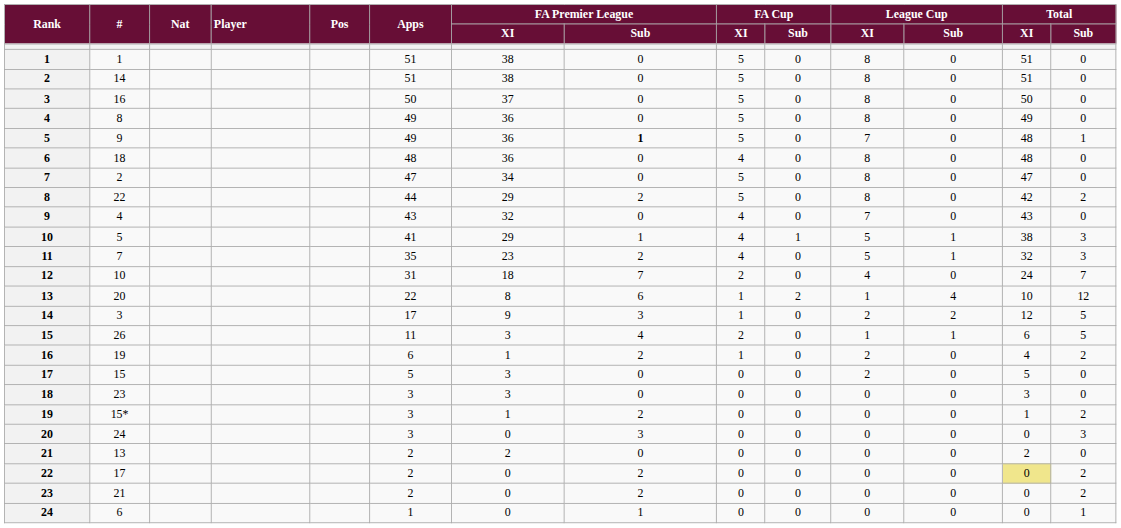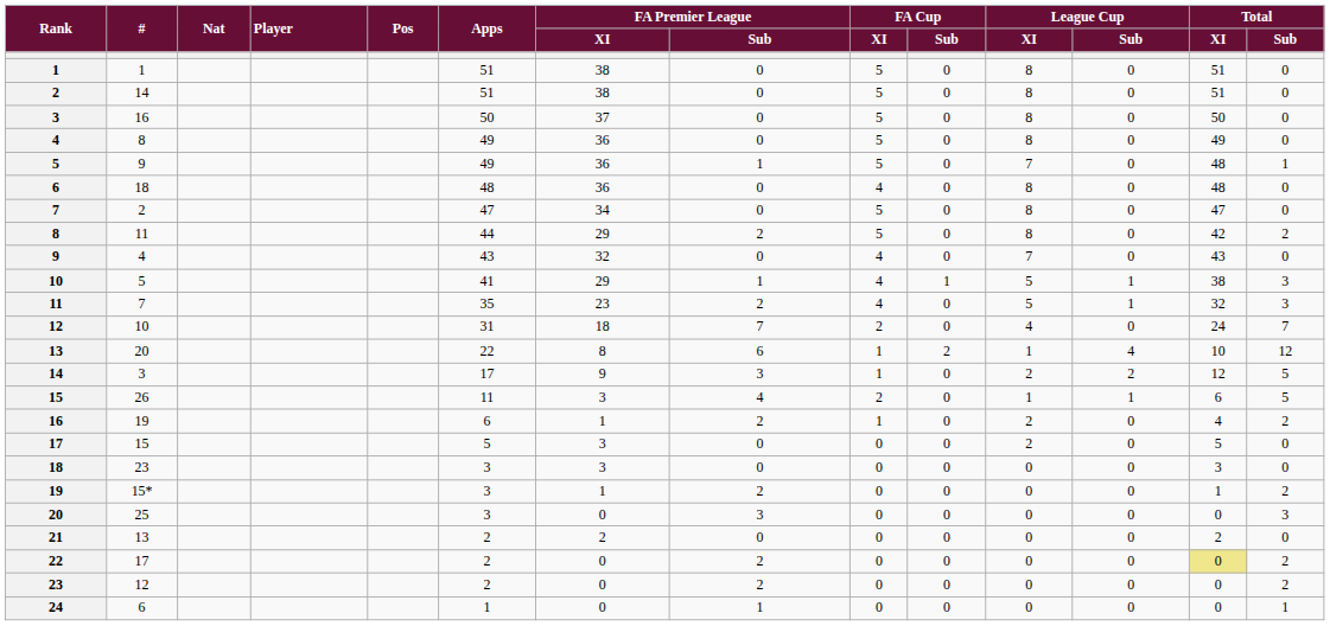 <table class="wikitable sortable" style="text-align:center; font-size:84.5%; width:100%;">
 <tr>
 <th rowspan="2"; style="background:#670E36; color:#FFFFFF; text-align:center;">Rank</th>
 <th rowspan="2"; style="background:#670E36; color:#FFFFFF; text-align:center;">#</th>
 <th rowspan="2"; style="background:#670E36; color:#FFFFFF; text-align:center;">Nat</th>
 <th rowspan="2"; style="background:#670E36; color:#FFFFFF; text-align:left;">Player</th>
 <th rowspan="2"; style="background:#670E36; color:#FFFFFF; text-align:center;">Pos</th>
 <th rowspan="2"; style="background:#670E36; color:#FFFFFF; text-align:center;">Apps</th>
 <th colspan="2"; style="background:#670E36; color:#FFFFFF; text-align:center;">FA Premier League</th>
 <th colspan="2"; style="background:#670E36; color:#FFFFFF; text-align:center;">FA Cup</th>
 <th colspan="2"; style="background:#670E36; color:#FFFFFF; text-align:center;">League Cup</th>
 <th colspan="2"; style="background:#670E36; color:#FFFFFF; text-align:center;">Total</th>
 </tr>
 <tr>
 <th style="background:#670E36; color:#FFFFFF; text-align:center;">XI</th>
 <th style="background:#670E36; color:#FFFFFF; text-align:center;">Sub</th>
 <th style="background:#670E36; color:#FFFFFF; text-align:center;">XI</th>
 <th style="background:#670E36; color:#FFFFFF; text-align:center;">Sub</th>
 <th style="background:#670E36; color:#FFFFFF; text-align:center;">XI</th>
 <th style="background:#670E36; color:#FFFFFF; text-align:center;">Sub</th>
 <th style="background:#670E36; color:#FFFFFF; text-align:center;">XI</th>
 <th style="background:#670E36; color:#FFFFFF; text-align:center;">Sub</th>
 </tr>
 <tr>
 <th></th>
 <th></th>
 <th></th>
 <th></th>
 <th></th>
 <th></th>
 <th></th>
 <th></th>
 <th></th>
 <th></th>
 <th></th>
 <th></th>
 <th></th>
 <th></th>
 </tr>
 <tr>
 <th>1</th>
 <td>1</td>
 <td></td>
 <td style="text-align:left;"></td>
 <td></td>
 <td>51</td>
 <td>38</td>
 <td>0</td>
 <td>5</td>
 <td>0</td>
 <td>8</td>
 <td>0</td>
 <td>51</td>
 <td>0</td>
 </tr>
 <tr>
 <th>2</th>
 <td>14</td>
 <td></td>
 <td style="text-align:left;"></td>
 <td></td>
 <td>51</td>
 <td>38</td>
 <td>0</td>
 <td>5</td>
 <td>0</td>
 <td>8</td>
 <td>0</td>
 <td>51</td>
 <td>0</td>
 </tr>
 <tr>
 <th>3</th>
 <td>16</td>
 <td></td>
 <td style="text-align:left;"></td>
 <td></td>
 <td>50</td>
 <td>37</td>
 <td>0</td>
 <td>5</td>
 <td>0</td>
 <td>8</td>
 <td>0</td>
 <td>50</td>
 <td>0</td>
 </tr>
 <tr>
 <th>4</th>
 <td>8</td>
 <td></td>
 <td style="text-align:left;"></td>
 <td></td>
 <td>49</td>
 <td>36</td>
 <td>0</td>
 <td>5</td>
 <td>0</td>
 <td>8</td>
 <td>0</td>
 <td>49</td>
 <td>0</td>
 </tr>
 <tr>
 <th>5</th>
 <td>9</td>
 <td></td>
 <td style="text-align:left;"></td>
 <td></td>
 <td>49</td>
 <td>36</td>
-<td><strong>1</strong></td>
+<td>1</td>
 <td>5</td>
 <td>0</td>
 <td>7</td>
 <td>0</td>
 <td>48</td>
 <td>1</td>
 </tr>
 <tr>
 <th>6</th>
 <td>18</td>
 <td></td>
 <td style="text-align:left;"></td>
 <td></td>
 <td>48</td>
 <td>36</td>
 <td>0</td>
 <td>4</td>
 <td>0</td>
 <td>8</td>
 <td>0</td>
 <td>48</td>
 <td>0</td>
 </tr>
 <tr>
 <th>7</th>
 <td>2</td>
 <td></td>
 <td style="text-align:left;"></td>
 <td></td>
 <td>47</td>
 <td>34</td>
 <td>0</td>
 <td>5</td>
 <td>0</td>
 <td>8</td>
 <td>0</td>
 <td>47</td>
 <td>0</td>
 </tr>
 <tr>
 <th>8</th>
-<td>22</td>
+<td>11</td>
 <td></td>
 <td style="text-align:left;"></td>
 <td></td>
 <td>44</td>
 <td>29</td>
 <td>2</td>
 <td>5</td>
 <td>0</td>
 <td>8</td>
 <td>0</td>
 <td>42</td>
 <td>2</td>
 </tr>
 <tr>
 <th>9</th>
 <td>4</td>
 <td></td>
 <td style="text-align:left;"></td>
 <td></td>
 <td>43</td>
 <td>32</td>
 <td>0</td>
 <td>4</td>
 <td>0</td>
 <td>7</td>
 <td>0</td>
 <td>43</td>
 <td>0</td>
 </tr>
 <tr>
 <th>10</th>
 <td>5</td>
 <td></td>
 <td style="text-align:left;"></td>
 <td></td>
 <td>41</td>
 <td>29</td>
 <td>1</td>
 <td>4</td>
 <td>1</td>
 <td>5</td>
 <td>1</td>
 <td>38</td>
 <td>3</td>
 </tr>
 <tr>
 <th>11</th>
 <td>7</td>
 <td></td>
 <td style="text-align:left;"></td>
 <td></td>
 <td>35</td>
 <td>23</td>
 <td>2</td>
 <td>4</td>
 <td>0</td>
 <td>5</td>
 <td>1</td>
 <td>32</td>
 <td>3</td>
 </tr>
 <tr>
 <th>12</th>
 <td>10</td>
 <td></td>
 <td style="text-align:left;"></td>
 <td></td>
 <td>31</td>
 <td>18</td>
 <td>7</td>
 <td>2</td>
 <td>0</td>
 <td>4</td>
 <td>0</td>
 <td>24</td>
 <td>7</td>
 </tr>
 <tr>
 <th>13</th>
 <td>20</td>
 <td></td>
 <td style="text-align:left;"></td>
 <td></td>
 <td>22</td>
 <td>8</td>
 <td>6</td>
 <td>1</td>
 <td>2</td>
 <td>1</td>
 <td>4</td>
 <td>10</td>
 <td>12</td>
 </tr>
 <tr>
 <th>14</th>
 <td>3</td>
 <td></td>
 <td style="text-align:left;"></td>
 <td></td>
 <td>17</td>
 <td>9</td>
 <td>3</td>
 <td>1</td>
 <td>0</td>
 <td>2</td>
 <td>2</td>
 <td>12</td>
 <td>5</td>
 </tr>
 <tr>
 <th>15</th>
 <td>26</td>
 <td></td>
 <td style="text-align:left;"></td>
 <td></td>
 <td>11</td>
 <td>3</td>
 <td>4</td>
 <td>2</td>
 <td>0</td>
 <td>1</td>
 <td>1</td>
 <td>6</td>
 <td>5</td>
 </tr>
 <tr>
 <th>16</th>
 <td>19</td>
 <td></td>
 <td style="text-align:left;"></td>
 <td></td>
 <td>6</td>
 <td>1</td>
 <td>2</td>
 <td>1</td>
 <td>0</td>
 <td>2</td>
 <td>0</td>
 <td>4</td>
 <td>2</td>
 </tr>
 <tr>
 <th>17</th>
 <td>15</td>
 <td></td>
 <td style="text-align:left;"></td>
 <td></td>
 <td>5</td>
 <td>3</td>
 <td>0</td>
 <td>0</td>
 <td>0</td>
 <td>2</td>
 <td>0</td>
 <td>5</td>
 <td>0</td>
 </tr>
 <tr>
 <th>18</th>
 <td>23</td>
 <td></td>
 <td style="text-align:left;"></td>
 <td></td>
 <td>3</td>
 <td>3</td>
 <td>0</td>
 <td>0</td>
 <td>0</td>
 <td>0</td>
 <td>0</td>
 <td>3</td>
 <td>0</td>
 </tr>
 <tr>
 <th>19</th>
 <td>15*</td>
 <td></td>
 <td style="text-align:left;"></td>
 <td></td>
 <td>3</td>
 <td>1</td>
 <td>2</td>
 <td>0</td>
 <td>0</td>
 <td>0</td>
 <td>0</td>
 <td>1</td>
 <td>2</td>
 </tr>
 <tr>
 <th>20</th>
-<td>24</td>
+<td>25</td>
 <td></td>
 <td style="text-align:left;"></td>
 <td></td>
 <td>3</td>
 <td>0</td>
 <td>3</td>
 <td>0</td>
 <td>0</td>
 <td>0</td>
 <td>0</td>
 <td>0</td>
 <td>3</td>
 </tr>
 <tr>
 <th>21</th>
 <td>13</td>
 <td></td>
 <td style="text-align:left;"></td>
 <td></td>
 <td>2</td>
 <td>2</td>
 <td>0</td>
 <td>0</td>
 <td>0</td>
 <td>0</td>
 <td>0</td>
 <td>2</td>
 <td>0</td>
 </tr>
 <tr>
 <th>22</th>
 <td>17</td>
 <td></td>
 <td style="text-align:left;"></td>
 <td></td>
 <td>2</td>
 <td>0</td>
 <td>2</td>
 <td>0</td>
 <td>0</td>
 <td>0</td>
 <td>0</td>
 <td style="background: khaki;">0</td>
 <td>2</td>
 </tr>
 <tr>
 <th>23</th>
-<td>21</td>
+<td>12</td>
 <td></td>
 <td style="text-align:left;"></td>
 <td></td>
 <td>2</td>
 <td>0</td>
 <td>2</td>
 <td>0</td>
 <td>0</td>
 <td>0</td>
 <td>0</td>
 <td>0</td>
 <td>2</td>
 </tr>
 <tr>
 <th>24</th>
 <td>6</td>
 <td></td>
 <td style="text-align:left;"></td>
 <td></td>
 <td>1</td>
 <td>0</td>
 <td>1</td>
 <td>0</td>
 <td>0</td>
 <td>0</td>
 <td>0</td>
 <td>0</td>
 <td>1</td>
 </tr>
 </table>
